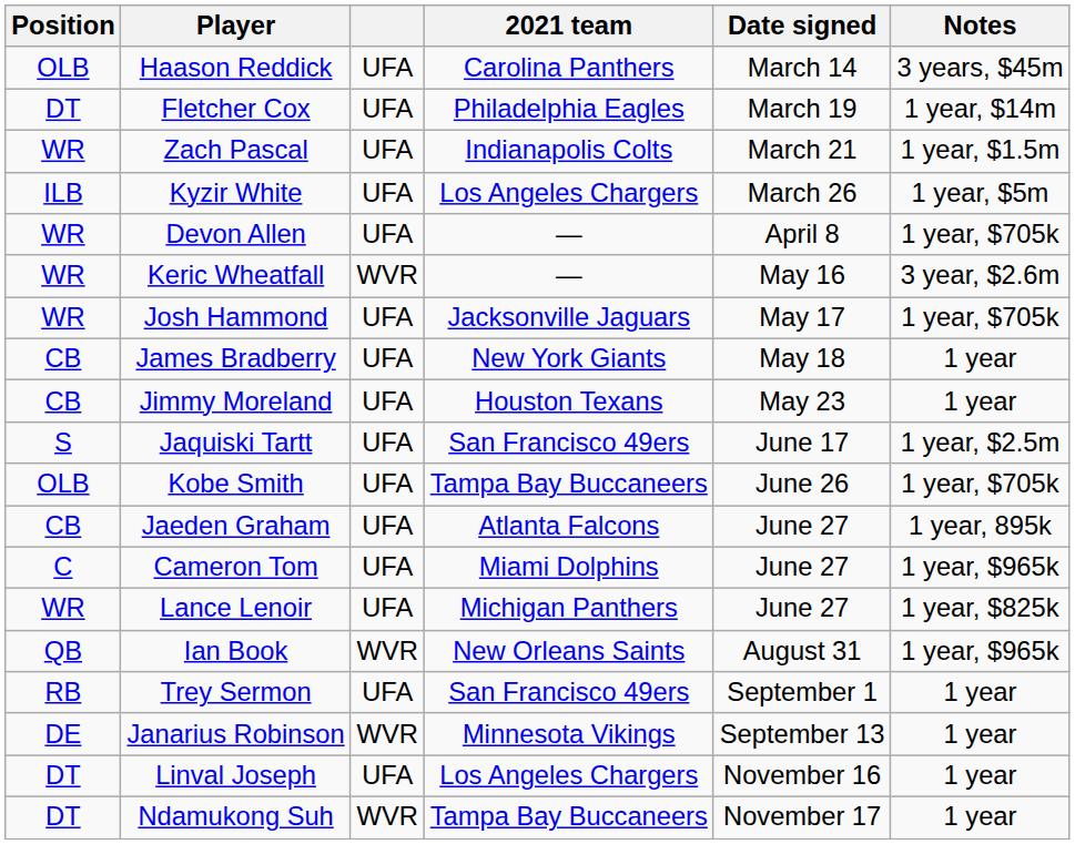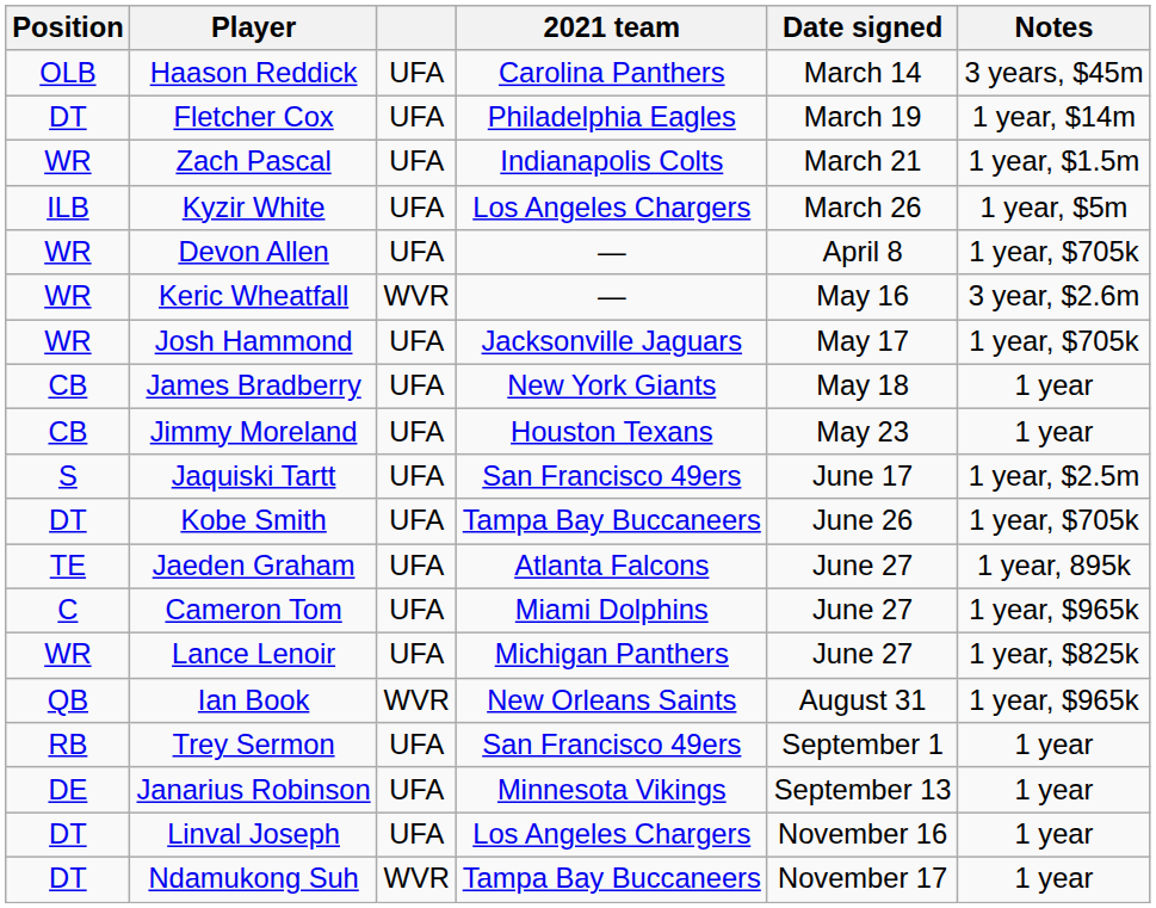 <table class="wikitable" style="text-align:center">
 <tr>
 <th>Position</th>
 <th>Player</th>
 <th></th>
 <th>2021 team</th>
 <th>Date signed</th>
 <th>Notes</th>
 </tr>
 <tr>
 <td><a href='#'>OLB</a></td>
 <td><a href='#'>Haason Reddick</a></td>
 <td>UFA</td>
 <td><a href='#'>Carolina Panthers</a></td>
 <td>March 14</td>
 <td>3 years, $45m</td>
 </tr>
 <tr>
 <td><a href='#'>DT</a></td>
 <td><a href='#'>Fletcher Cox</a></td>
 <td>UFA</td>
 <td><a href='#'>Philadelphia Eagles</a></td>
 <td>March 19</td>
 <td>1 year, $14m</td>
 </tr>
 <tr>
 <td><a href='#'>WR</a></td>
 <td><a href='#'>Zach Pascal</a></td>
 <td>UFA</td>
 <td><a href='#'>Indianapolis Colts</a></td>
 <td>March 21</td>
 <td>1 year, $1.5m</td>
 </tr>
 <tr>
 <td><a href='#'>ILB</a></td>
 <td><a href='#'>Kyzir White</a></td>
 <td>UFA</td>
 <td><a href='#'>Los Angeles Chargers</a></td>
 <td>March 26</td>
 <td>1 year, $5m</td>
 </tr>
 <tr>
 <td><a href='#'>WR</a></td>
 <td><a href='#'>Devon Allen</a></td>
 <td>UFA</td>
 <td>—</td>
 <td>April 8</td>
 <td>1 year, $705k</td>
 </tr>
 <tr>
 <td><a href='#'>WR</a></td>
 <td><a href='#'>Keric Wheatfall</a></td>
 <td>WVR</td>
 <td>—</td>
 <td>May 16</td>
 <td>3 year, $2.6m</td>
 </tr>
 <tr>
 <td><a href='#'>WR</a></td>
 <td><a href='#'>Josh Hammond</a></td>
 <td>UFA</td>
 <td><a href='#'>Jacksonville Jaguars</a></td>
 <td>May 17</td>
 <td>1 year, $705k</td>
 </tr>
 <tr>
 <td><a href='#'>CB</a></td>
 <td><a href='#'>James Bradberry</a></td>
 <td>UFA</td>
 <td><a href='#'>New York Giants</a></td>
 <td>May 18</td>
 <td>1 year</td>
 </tr>
 <tr>
 <td><a href='#'>CB</a></td>
 <td><a href='#'>Jimmy Moreland</a></td>
 <td>UFA</td>
 <td><a href='#'>Houston Texans</a></td>
 <td>May 23</td>
 <td>1 year</td>
 </tr>
 <tr>
 <td><a href='#'>S</a></td>
 <td><a href='#'>Jaquiski Tartt</a></td>
 <td>UFA</td>
 <td><a href='#'>San Francisco 49ers</a></td>
 <td>June 17</td>
 <td>1 year, $2.5m</td>
 </tr>
 <tr>
-<td><a href='#'>OLB</a></td>
+<td><a href='#'>DT</a></td>
 <td><a href='#'>Kobe Smith</a></td>
 <td>UFA</td>
 <td><a href='#'>Tampa Bay Buccaneers</a></td>
 <td>June 26</td>
 <td>1 year, $705k</td>
 </tr>
 <tr>
-<td><a href='#'>CB</a></td>
+<td><a href='#'>TE</a></td>
 <td><a href='#'>Jaeden Graham</a></td>
 <td>UFA</td>
 <td><a href='#'>Atlanta Falcons</a></td>
 <td>June 27</td>
 <td>1 year, 895k</td>
 </tr>
 <tr>
 <td><a href='#'>C</a></td>
 <td><a href='#'>Cameron Tom</a></td>
 <td>UFA</td>
 <td><a href='#'>Miami Dolphins</a></td>
 <td>June 27</td>
 <td>1 year, $965k</td>
 </tr>
 <tr>
 <td><a href='#'>WR</a></td>
 <td><a href='#'>Lance Lenoir</a></td>
 <td>UFA</td>
 <td><a href='#'>Michigan Panthers</a></td>
 <td>June 27</td>
 <td>1 year, $825k</td>
 </tr>
 <tr>
 <td><a href='#'>QB</a></td>
 <td><a href='#'>Ian Book</a></td>
 <td>WVR</td>
 <td><a href='#'>New Orleans Saints</a></td>
 <td>August 31</td>
 <td>1 year, $965k</td>
 </tr>
 <tr>
 <td><a href='#'>RB</a></td>
 <td><a href='#'>Trey Sermon</a></td>
 <td>UFA</td>
 <td><a href='#'>San Francisco 49ers</a></td>
 <td>September 1</td>
 <td>1 year</td>
 </tr>
 <tr>
 <td><a href='#'>DE</a></td>
 <td><a href='#'>Janarius Robinson</a></td>
-<td>WVR</td>
+<td>UFA</td>
 <td><a href='#'>Minnesota Vikings</a></td>
 <td>September 13</td>
 <td>1 year</td>
 </tr>
 <tr>
 <td><a href='#'>DT</a></td>
 <td><a href='#'>Linval Joseph</a></td>
 <td>UFA</td>
 <td><a href='#'>Los Angeles Chargers</a></td>
 <td>November 16</td>
 <td>1 year</td>
 </tr>
 <tr>
 <td><a href='#'>DT</a></td>
 <td><a href='#'>Ndamukong Suh</a></td>
 <td>WVR</td>
 <td><a href='#'>Tampa Bay Buccaneers</a></td>
 <td>November 17</td>
 <td>1 year</td>
 </tr>
 </table>
